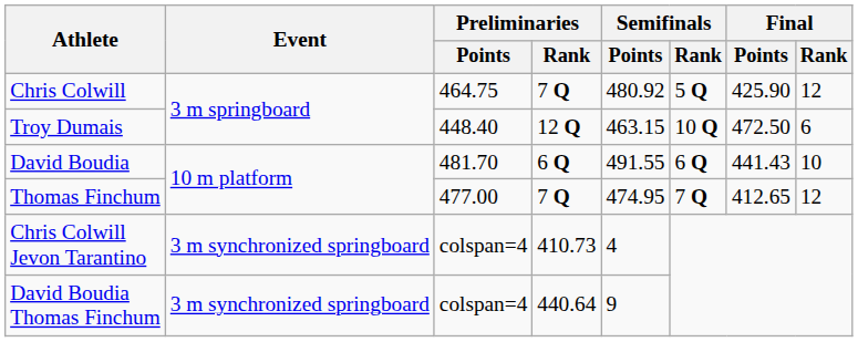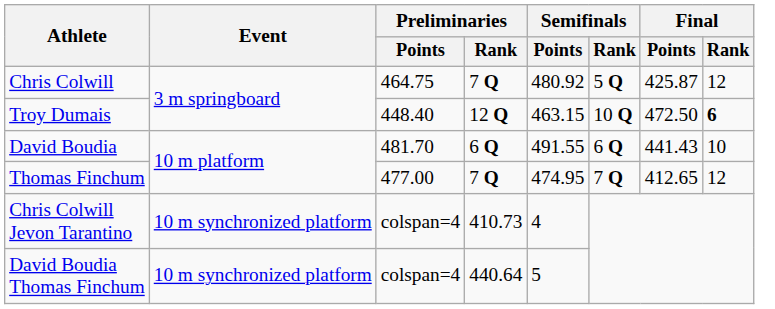 <table class=wikitable style=font-size:90%>
 <tr>
 <th rowspan=2>Athlete</th>
 <th rowspan=2>Event</th>
 <th colspan=2>Preliminaries</th>
 <th colspan=2>Semifinals</th>
 <th colspan=2>Final</th>
 </tr>
 <tr style=font-size:95%>
 <th>Points</th>
 <th>Rank</th>
 <th>Points</th>
 <th>Rank</th>
 <th>Points</th>
 <th>Rank</th>
 </tr>
 <tr>
 <td align=left><a href='#'>Chris Colwill</a></td>
 <td align=left rowspan=2><a href='#'>3 m springboard</a></td>
 <td>464.75</td>
 <td>7 <strong>Q</strong></td>
 <td>480.92</td>
 <td>5 <strong>Q</strong></td>
-<td>425.90</td>
+<td>425.87</td>
 <td>12</td>
 </tr>
 <tr>
 <td align=left><a href='#'>Troy Dumais</a></td>
 <td>448.40</td>
 <td>12 <strong>Q</strong></td>
 <td>463.15</td>
 <td>10 <strong>Q</strong></td>
 <td>472.50</td>
-<td>6</td>
+<td><strong>6</strong></td>
 </tr>
 <tr>
 <td align=left><a href='#'>David Boudia</a></td>
 <td align=left rowspan=2><a href='#'>10 m platform</a></td>
 <td>481.70</td>
 <td>6 <strong>Q</strong></td>
 <td>491.55</td>
 <td>6 <strong>Q</strong></td>
 <td>441.43</td>
 <td>10</td>
 </tr>
 <tr>
 <td align=left><a href='#'>Thomas Finchum</a></td>
 <td>477.00</td>
 <td>7 <strong>Q</strong></td>
 <td>474.95</td>
 <td>7 <strong>Q</strong></td>
 <td>412.65</td>
 <td>12</td>
 </tr>
 <tr>
 <td align=left><a href='#'>Chris Colwill</a><br><a href='#'>Jevon Tarantino</a></td>
-<td align=left><a href='#'>3 m synchronized springboard</a></td>
+<td align=left><a href='#'>10 m synchronized platform</a></td>
 <td>colspan=4 </td>
 <td>410.73</td>
 <td>4</td>
 </tr>
 <tr>
 <td align=left><a href='#'>David Boudia</a><br><a href='#'>Thomas Finchum</a></td>
-<td align=left><a href='#'>3 m synchronized springboard</a></td>
+<td align=left><a href='#'>10 m synchronized platform</a></td>
 <td>colspan=4 </td>
 <td>440.64</td>
-<td>9</td>
+<td>5</td>
 </tr>
 </table>
